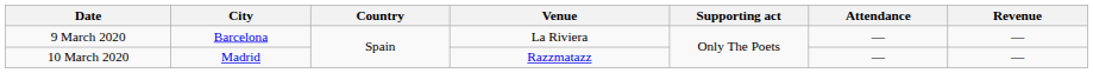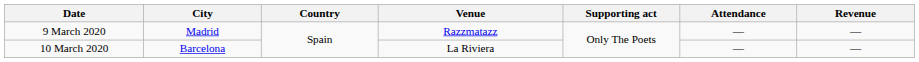 <table class="wikitable plainrowheaders" style="text-align:center;">
 <tr>
 <th scope="col" style="width:12em;">Date</th>
 <th scope="col" style="width:10em;">City</th>
 <th scope="col" style="width:10em;">Country</th>
 <th scope="col" style="width:16em;">Venue</th>
 <th scope="col" style="width:10em;">Supporting act</th>
 <th scope="col" style="width:10em;">Attendance</th>
 <th scope="col" style="width:10em;">Revenue</th>
 </tr>
 <tr>
 <td>9 March 2020</td>
-<td><a href='#'>Barcelona</a></td>
+<td><a href='#'>Madrid</a></td>
 <td rowspan="2">Spain</td>
-<td>La Riviera</td>
+<td><a href='#'>Razzmatazz</a></td>
 <td rowspan="2">Only The Poets</td>
 <td>—</td>
 <td>—</td>
 </tr>
 <tr>
 <td>10 March 2020</td>
-<td><a href='#'>Madrid</a></td>
-<td><a href='#'>Razzmatazz</a></td>
+<td><a href='#'>Barcelona</a></td>
+<td>La Riviera</td>
 <td>—</td>
 <td>—</td>
 </tr>
 </table>
